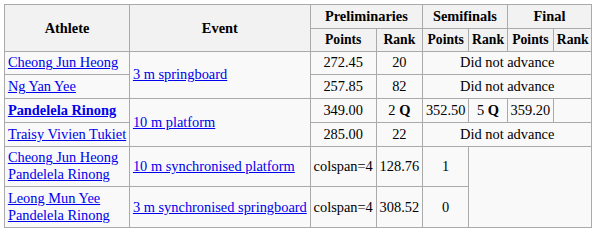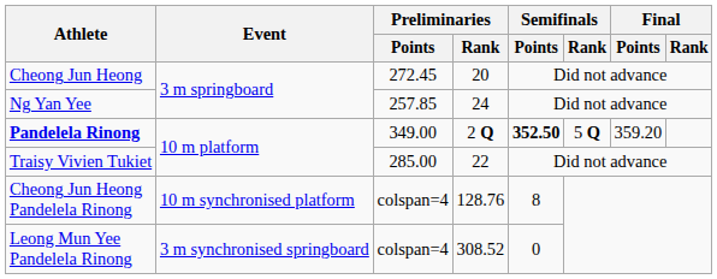 <table class=wikitable style="font-size:90%">
 <tr>
 <th rowspan="2">Athlete</th>
 <th rowspan="2">Event</th>
 <th colspan="2">Preliminaries</th>
 <th colspan="2">Semifinals</th>
 <th colspan="2">Final</th>
 </tr>
 <tr style="font-size:95%">
 <th>Points</th>
 <th>Rank</th>
 <th>Points</th>
 <th>Rank</th>
 <th>Points</th>
 <th>Rank</th>
 </tr>
 <tr align=center>
 <td align=left><a href='#'>Cheong Jun Heong</a></td>
 <td align=left rowspan=2><a href='#'>3 m springboard</a></td>
 <td>272.45</td>
 <td>20</td>
 <td colspan=4>Did not advance</td>
 </tr>
 <tr align=center>
 <td align=left><a href='#'>Ng Yan Yee</a></td>
 <td>257.85</td>
-<td>82</td>
+<td>24</td>
 <td colspan=4>Did not advance</td>
 </tr>
 <tr align=center>
 <td align=left><strong><a href='#'>Pandelela Rinong</a></strong></td>
 <td align=left rowspan=2><a href='#'>10 m platform</a></td>
 <td>349.00</td>
 <td>2 <strong>Q</strong></td>
-<td>352.50</td>
+<td><strong>352.50</strong></td>
 <td>5 <strong>Q</strong></td>
 <td>359.20</td>
 <td></td>
 </tr>
 <tr align=center>
 <td align=left><a href='#'>Traisy Vivien Tukiet</a></td>
 <td>285.00</td>
 <td>22</td>
 <td colspan=4>Did not advance</td>
 </tr>
 <tr align=center>
 <td align=left><a href='#'>Cheong Jun Heong</a><br><a href='#'>Pandelela Rinong</a></td>
 <td align=left><a href='#'>10 m synchronised platform</a></td>
 <td>colspan=4 </td>
 <td>128.76</td>
-<td>1</td>
+<td>8</td>
 </tr>
 <tr align=center>
 <td align=left><a href='#'>Leong Mun Yee</a><br><a href='#'>Pandelela Rinong</a></td>
 <td align=left><a href='#'>3 m synchronised springboard</a></td>
 <td>colspan=4 </td>
 <td>308.52</td>
 <td>0</td>
 </tr>
 </table>
